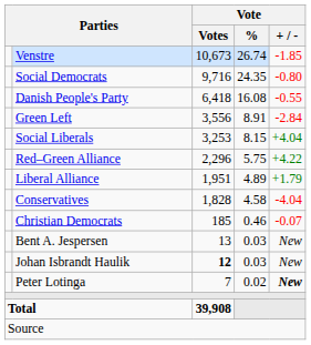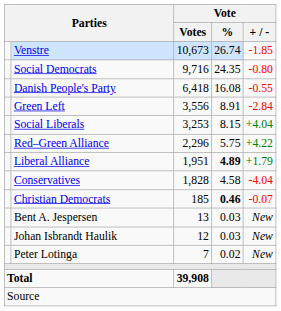 <table class="wikitable" style="text-align:right;">
 <tr>
 <th style="text-align:centre;" rowspan="2" colspan="2" width="225">Parties</th>
 <th colspan="3">Vote</th>
 </tr>
 <tr>
 <th width="15">Votes</th>
 <th width="15">%</th>
 <th width="15">+ / -</th>
 </tr>
 <tr>
 <td width="2" style="color:inherit;background:"></td>
 <td bgcolor=#cfe5fe  align="left"><a href='#'>Venstre</a></td>
 <td bgcolor=#cfe5fe>10,673</td>
 <td bgcolor=#cfe5fe>26.74</td>
 <td style=color:red;>-1.85</td>
 </tr>
 <tr>
 <td width="2" style="color:inherit;background:"></td>
 <td align="left"><a href='#'>Social Democrats</a></td>
 <td>9,716</td>
 <td>24.35</td>
 <td style=color:red;>-0.80</td>
 </tr>
 <tr>
 <td width="2" style="color:inherit;background:"></td>
 <td align="left"><a href='#'>Danish People's Party</a></td>
 <td>6,418</td>
 <td>16.08</td>
 <td style=color:red;>-0.55</td>
 </tr>
 <tr>
 <td width="2" style="color:inherit;background:"></td>
 <td align="left"><a href='#'>Green Left</a></td>
 <td>3,556</td>
 <td>8.91</td>
 <td style=color:red;>-2.84</td>
 </tr>
 <tr>
 <td width="2" style="color:inherit;background:"></td>
 <td align="left"><a href='#'>Social Liberals</a></td>
 <td>3,253</td>
 <td>8.15</td>
 <td style=color:green;>+4.04</td>
 </tr>
 <tr>
 <td width="2" style="color:inherit;background:"></td>
 <td align="left"><a href='#'>Red–Green Alliance</a></td>
 <td>2,296</td>
 <td>5.75</td>
 <td style=color:green;>+4.22</td>
 </tr>
 <tr>
 <td width="2" style="color:inherit;background:"></td>
 <td align="left"><a href='#'>Liberal Alliance</a></td>
 <td>1,951</td>
-<td>4.89</td>
+<td><strong>4.89</strong></td>
 <td style=color:green;>+1.79</td>
 </tr>
 <tr>
 <td width="2" style="color:inherit;background:"></td>
 <td align="left"><a href='#'>Conservatives</a></td>
 <td>1,828</td>
 <td>4.58</td>
 <td style=color:red;>-4.04</td>
 </tr>
 <tr>
 <td width="2" style="color:inherit;background:"></td>
 <td align="left"><a href='#'>Christian Democrats</a></td>
 <td>185</td>
-<td>0.46</td>
+<td><strong>0.46</strong></td>
 <td style=color:red;>-0.07</td>
 </tr>
 <tr>
 <td width="2" style="color:inherit;background:"></td>
 <td align="left">Bent A. Jespersen</td>
 <td>13</td>
 <td>0.03</td>
 <td><em>New</em></td>
 </tr>
 <tr>
 <td width="2" style="color:inherit;background:"></td>
 <td align="left">Johan Isbrandt Haulik</td>
-<td><strong>12</strong></td>
+<td>12</td>
 <td>0.03</td>
 <td><em>New</em></td>
 </tr>
 <tr>
 <td width="2" style="color:inherit;background:"></td>
 <td align="left">Peter Lotinga</td>
 <td>7</td>
 <td>0.02</td>
-<td><strong><em>New</em></strong></td>
+<td><em>New</em></td>
 </tr>
 <tr>
 <td colspan="7" bgcolor="#E9E9E9"></td>
 </tr>
 <tr>
 <td align="left" colspan="2"><strong>Total</strong></td>
 <td><strong>39,908</strong></td>
 <td bgcolor="#E9E9E9" colspan="2"></td>
 </tr>
 <tr>
 <td align="left" colspan="6">Source</td>
 </tr>
 </table>
